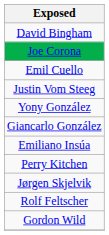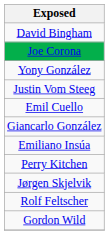 <table class="wikitable" style="text-align:center">
 <tr>
 <th>Exposed</th>
 </tr>
 <tr>
 <td><a href='#'>David Bingham</a></td>
 </tr>
 <tr>
 <td style="background: #03AF4B"><a href='#'>Joe Corona</a></td>
 </tr>
 <tr>
-<td><a href='#'>Emil Cuello</a></td>
+<td><a href='#'>Yony González</a></td>
 </tr>
 <tr>
 <td><a href='#'>Justin Vom Steeg</a></td>
 </tr>
 <tr>
-<td><a href='#'>Yony González</a></td>
+<td><a href='#'>Emil Cuello</a></td>
 </tr>
 <tr>
 <td><a href='#'>Giancarlo González</a></td>
 </tr>
 <tr>
 <td><a href='#'>Emiliano Insúa</a></td>
 </tr>
 <tr>
 <td><a href='#'>Perry Kitchen</a></td>
 </tr>
 <tr>
 <td><a href='#'>Jørgen Skjelvik</a></td>
 </tr>
 <tr>
 <td><a href='#'>Rolf Feltscher</a></td>
 </tr>
 <tr>
 <td><a href='#'>Gordon Wild</a></td>
 </tr>
 <tr>
 </tr>
 </table>
